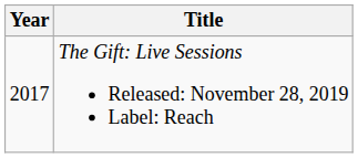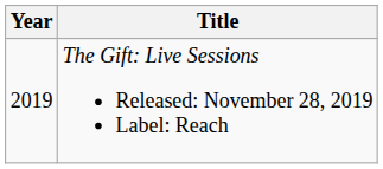 <table class="wikitable">
 <tr>
 <th>Year</th>
 <th>Title</th>
 </tr>
 <tr>
-<td>2017</td>
+<td>2019</td>
 <td><em>The Gift: Live Sessions</em><br><ul><li>Released: November 28, 2019</li><li>Label: Reach</li></ul></td>
 </tr>
 </table>
